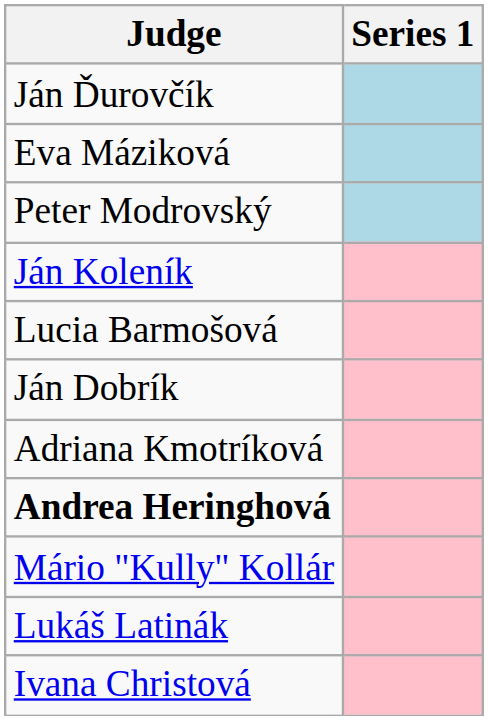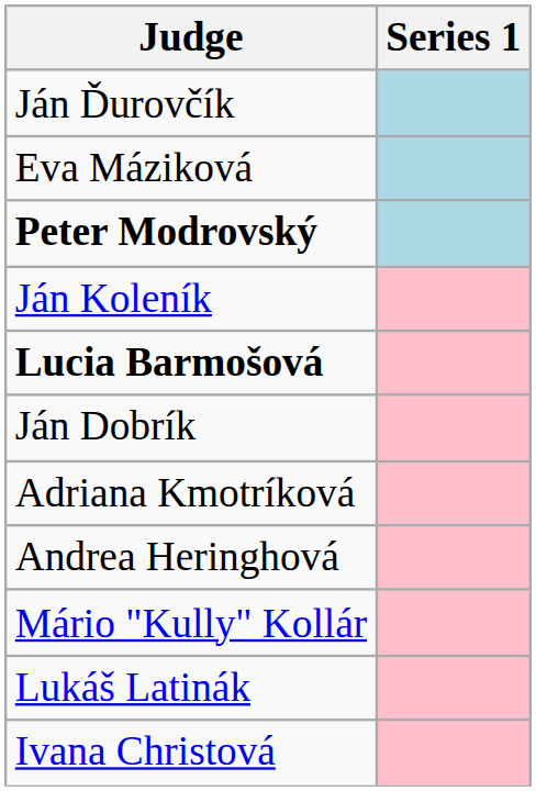 <table class="wikitable">
 <tr>
 <th>Judge</th>
 <th>Series 1</th>
 </tr>
 <tr>
 <td>Ján Ďurovčík</td>
 <td colspan=5  style="text-align:center; background:lightblue;"></td>
 </tr>
 <tr>
 <td>Eva Máziková</td>
 <td colspan=5  style="text-align:center; background:lightblue;"></td>
 </tr>
 <tr>
-<td>Peter Modrovský</td>
+<td><strong>Peter Modrovský</strong></td>
 <td colspan=5  style="text-align:center; background:lightblue;"></td>
 </tr>
 <tr>
 <td><a href='#'>Ján Koleník</a></td>
 <td colspan=5  style="text-align:center; background:pink;"></td>
 </tr>
 <tr>
-<td>Lucia Barmošová</td>
+<td><strong>Lucia Barmošová</strong></td>
 <td colspan=5  style="text-align:center; background:pink;"></td>
 </tr>
 <tr>
 <td>Ján Dobrík</td>
 <td colspan=5  style="text-align:center; background:pink;"></td>
 </tr>
 <tr>
 <td>Adriana Kmotríková</td>
 <td colspan=5  style="text-align:center; background:pink;"></td>
 </tr>
 <tr>
-<td><strong>Andrea Heringhová</strong></td>
+<td>Andrea Heringhová</td>
 <td colspan=5  style="text-align:center; background:pink;"></td>
 </tr>
 <tr>
 <td><a href='#'>Mário "Kully" Kollár</a></td>
 <td colspan=5  style="text-align:center; background:pink;"></td>
 </tr>
 <tr>
 <td><a href='#'>Lukáš Latinák</a></td>
 <td colspan=5  style="text-align:center; background:pink;"></td>
 </tr>
 <tr>
 <td><a href='#'>Ivana Christová</a></td>
 <td colspan=5  style="text-align:center; background:pink;"></td>
 </tr>
 </table>
